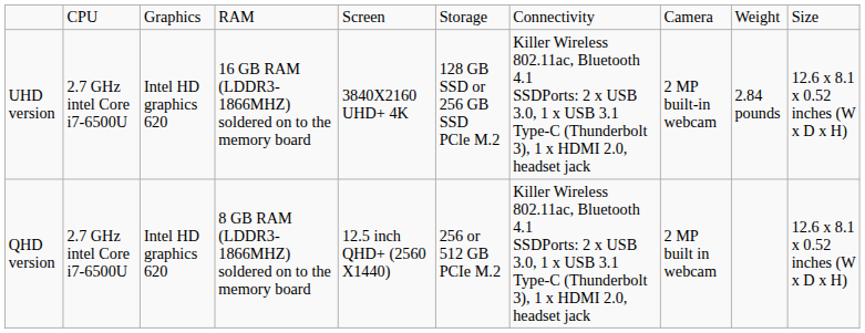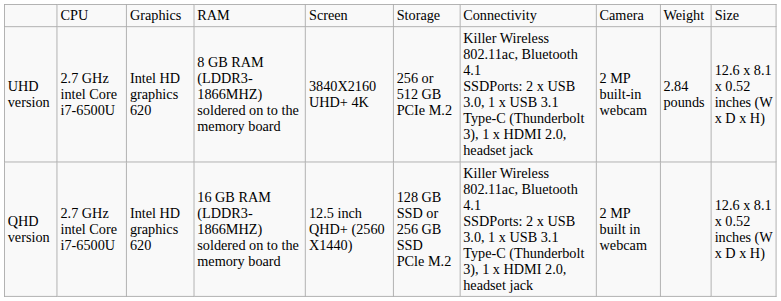 <table class="wikitable">
 <tr>
 <td></td>
 <td>CPU</td>
 <td>Graphics</td>
 <td>RAM</td>
 <td>Screen</td>
 <td>Storage</td>
 <td>Connectivity</td>
 <td>Camera</td>
 <td>Weight</td>
 <td>Size</td>
 </tr>
 <tr>
 <td>UHD version</td>
 <td>2.7 GHz intel Core i7-6500U</td>
 <td>Intel HD graphics 620</td>
-<td>16 GB RAM (LDDR3-1866MHZ) soldered on to the memory board</td>
+<td>8 GB RAM (LDDR3-1866MHZ)  soldered on to the memory board</td>
 <td>3840X2160 UHD+ 4K</td>
-<td>128 GB SSD or 256 GB SSD<br>PCle M.2</td>
+<td>256 or 512 GB PCIe M.2</td>
 <td>Killer Wireless 802.11ac, Bluetooth  4.1<br>SSDPorts: 2 x USB 3.0, 1 x USB 3.1  Type-C (Thunderbolt 3), 1 x HDMI 2.0, headset jack</td>
 <td>2 MP built-in webcam</td>
 <td>2.84 pounds</td>
 <td>12.6 x 8.1 x 0.52 inches (W x D x H)</td>
 </tr>
 <tr>
 <td>QHD version</td>
 <td>2.7 GHz intel Core i7-6500U</td>
 <td>Intel HD graphics 620</td>
-<td>8 GB RAM (LDDR3-1866MHZ)  soldered on to the memory board</td>
+<td>16 GB RAM (LDDR3-1866MHZ) soldered on to the memory board</td>
 <td>12.5 inch QHD+ (2560 X1440)</td>
-<td>256 or 512 GB PCIe M.2</td>
+<td>128 GB SSD or 256 GB SSD<br>PCle M.2</td>
 <td>Killer Wireless 802.11ac, Bluetooth 4.1<br>SSDPorts: 2 x USB 3.0, 1 x USB 3.1  Type-C (Thunderbolt 3), 1 x HDMI 2.0, headset jack</td>
 <td>2 MP built in webcam</td>
 <td></td>
 <td>12.6 x 8.1 x 0.52 inches (W x D x H)</td>
 </tr>
 </table>
